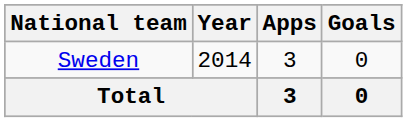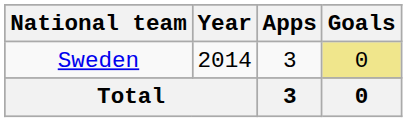 <table class="wikitable" style="text-align:center">
 <tr>
 <th>National team</th>
 <th>Year</th>
 <th>Apps</th>
 <th>Goals</th>
 </tr>
 <tr>
 <td><a href='#'>Sweden</a></td>
 <td>2014</td>
 <td>3</td>
-<td>0</td>
+<td style="background: khaki;">0</td>
 </tr>
 <tr>
 <th colspan="2">Total</th>
 <th>3</th>
 <th>0</th>
 </tr>
 </table>
